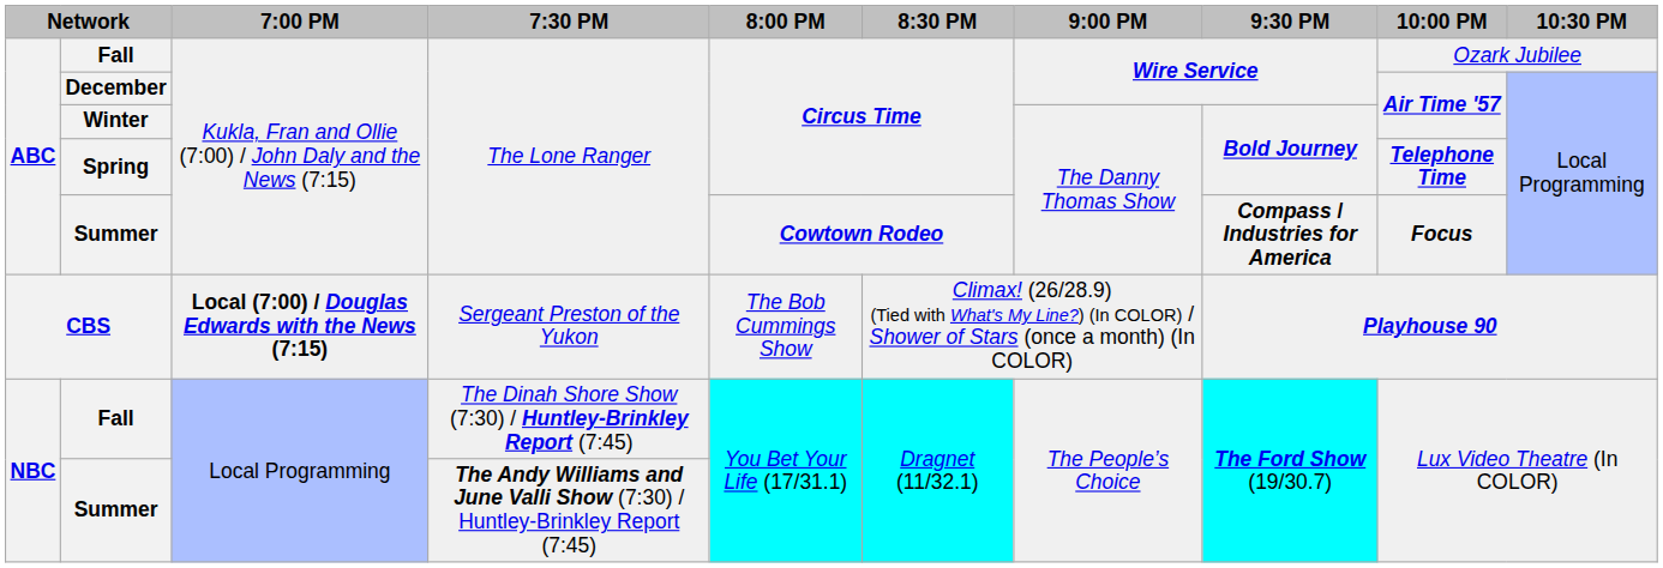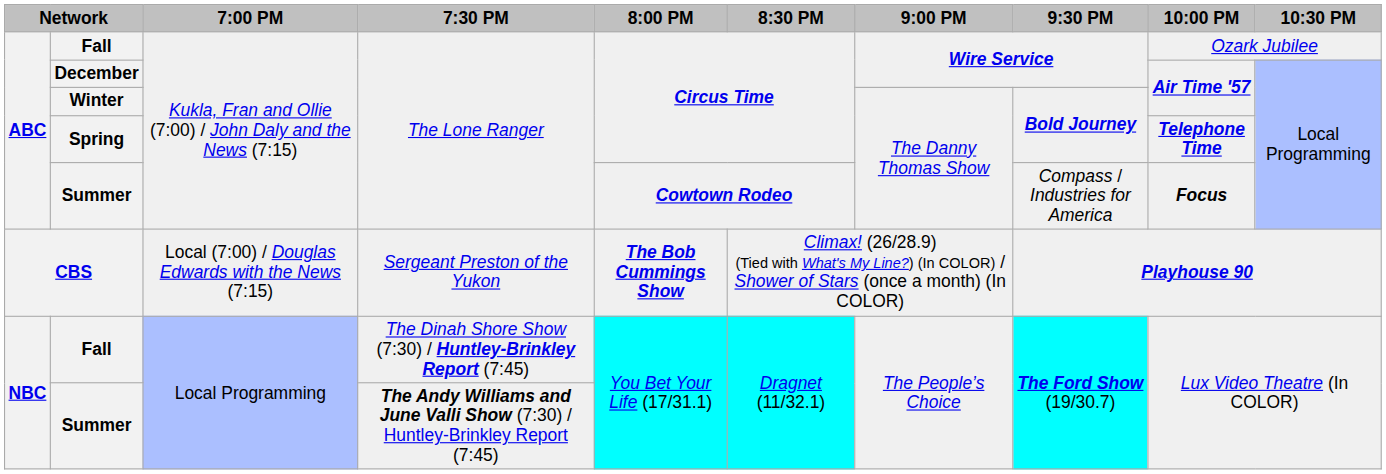 <table class="wikitable" style="width:100%;margin-right:0;text-align:center">
 <tr>
 <th colspan="2" style="background-color:#C0C0C0;text-align:center">Network</th>
 <th style="background-color:#C0C0C0;text-align:center">7:00 PM</th>
 <th style="background-color:#C0C0C0;text-align:center">7:30 PM</th>
 <th style="background-color:#C0C0C0;text-align:center">8:00 PM</th>
 <th style="background-color:#C0C0C0;text-align:center">8:30 PM</th>
 <th style="background-color:#C0C0C0;text-align:center">9:00 PM</th>
 <th style="background-color:#C0C0C0;text-align:center">9:30 PM</th>
 <th style="background-color:#C0C0C0;text-align:center">10:00 PM</th>
 <th style="background-color:#C0C0C0;text-align:center">10:30 PM</th>
 </tr>
 <tr>
 <th rowspan="5" bgcolor="#C0C0C0"><a href='#'>ABC</a></th>
 <th>Fall</th>
 <td rowspan="5" bgcolor="#F0F0F0"><em><a href='#'>Kukla, Fran and Ollie</a></em> (7:00) / <em><a href='#'>John Daly and the News</a></em> (7:15)</td>
 <td rowspan="5" bgcolor="#F0F0F0"><em><a href='#'>The Lone Ranger</a></em></td>
 <td colspan="2" rowspan="4" bgcolor="#F0F0F0"><strong><em><a href='#'>Circus Time</a></em></strong></td>
 <td colspan="2" rowspan="2" bgcolor="#F0F0F0"><strong><em><a href='#'>Wire Service</a></em></strong></td>
 <td colspan="2" bgcolor="#F0F0F0"><em><a href='#'>Ozark Jubilee</a></em></td>
 </tr>
 <tr>
 <th>December</th>
 <td bgcolor="#F0F0F0" rowspan="2"><strong><em><a href='#'>Air Time '57</a></em></strong></td>
 <td bgcolor="#ABBFFF" rowspan="4">Local Programming</td>
 </tr>
 <tr>
 <th>Winter</th>
 <td rowspan="3" bgcolor="#F0F0F0"><em><a href='#'>The Danny Thomas Show</a></em></td>
 <td rowspan="2" bgcolor="#F0F0F0"><strong><em><a href='#'>Bold Journey</a></em></strong></td>
 </tr>
 <tr>
 <th>Spring</th>
 <td bgcolor="#F0F0F0"><strong><em><a href='#'>Telephone Time</a></em></strong></td>
 </tr>
 <tr>
 <th>Summer</th>
 <td colspan="2" bgcolor="#F0F0F0"><strong><em><a href='#'>Cowtown Rodeo</a></em></strong></td>
-<td bgcolor="#F0F0F0"><strong><em>Compass</em> / <em>Industries for America</em></strong></td>
+<td bgcolor="#F0F0F0"><em>Compass</em> / <em>Industries for America</em></td>
 <td bgcolor="#F0F0F0"><strong><em>Focus</em></strong></td>
 </tr>
 <tr>
 <th colspan="2" bgcolor="#C0C0C0"><a href='#'>CBS</a></th>
-<td bgcolor="#F0F0F0"><strong>Local (7:00) / <em><a href='#'>Douglas Edwards with the News</a></em> (7:15)</strong></td>
+<td bgcolor="#F0F0F0">Local (7:00) / <em><a href='#'>Douglas Edwards with the News</a></em> (7:15)</td>
 <td bgcolor="#F0F0F0"><em><a href='#'>Sergeant Preston of the Yukon</a></em></td>
-<td bgcolor="#F0F0F0"><em><a href='#'>The Bob Cummings Show</a></em></td>
+<td bgcolor="#F0F0F0"><strong><em><a href='#'>The Bob Cummings Show</a></em></strong></td>
 <td bgcolor="#F0F0F0" colspan="2"><span><em><a href='#'>Climax!</a></em> (26/28.9)<br><small>(Tied with <em><a href='#'>What's My Line?</a></em>) (In <span>C</span><span>O</span><span>L</span><span>O</span><span>R</span>)</small></span> / <em><a href='#'>Shower of Stars</a></em> (once a month) (In <span>C</span><span>O</span><span>L</span><span>O</span><span>R</span>)</td>
 <td bgcolor="#F0F0F0" colspan="3"><strong><em><a href='#'>Playhouse 90</a></em></strong></td>
 </tr>
 <tr>
 <th rowspan="2" bgcolor="#C0C0C0"><a href='#'>NBC</a></th>
 <th>Fall</th>
 <td bgcolor="#ABBFFF" rowspan="2">Local Programming</td>
 <td bgcolor="#F0F0F0"><em><a href='#'>The Dinah Shore Show</a></em> (7:30) / <strong><em><a href='#'>Huntley-Brinkley Report</a></em></strong> (7:45)</td>
 <td bgcolor="#00FFFF" rowspan="2"><em><a href='#'>You Bet Your Life</a></em> (17/31.1)</td>
 <td bgcolor="#00FFFF" rowspan="2"><em><a href='#'>Dragnet</a></em> (11/32.1)</td>
 <td bgcolor="#F0F0F0" rowspan="2"><em><a href='#'>The People’s Choice</a></em></td>
 <td bgcolor="#00FFFF" rowspan="2"><strong><em><a href='#'>The Ford Show</a></em></strong> (19/30.7)</td>
 <td colspan="2" bgcolor="#F0F0F0" rowspan="2"><em><a href='#'>Lux Video Theatre</a></em> (In <span>C</span><span>O</span><span>L</span><span>O</span><span>R</span>)</td>
 </tr>
 <tr>
 <th>Summer</th>
 <td bgcolor="#F0F0F0"><strong><em>The Andy Williams and June Valli Show</em></strong> (7:30) / <a href='#'>Huntley-Brinkley Report</a> (7:45)</td>
 </tr>
 </table>
